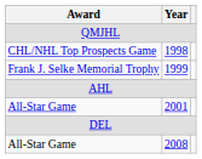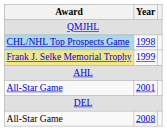 <table class="wikitable">
 <tr>
 <th>Award</th>
 <th>Year</th>
 <th></th>
 </tr>
 <tr ALIGN="center" bgcolor="#e0e0e0">
 <td colspan="3"><a href='#'>QMJHL</a></td>
 </tr>
 <tr>
-<td><a href='#'>CHL/NHL Top Prospects Game</a></td>
+<td style="background: lightblue;"><a href='#'>CHL/NHL Top Prospects Game</a></td>
 <td><a href='#'>1998</a></td>
 <td></td>
 </tr>
 <tr>
-<td><a href='#'>Frank J. Selke Memorial Trophy</a></td>
+<td style="background: khaki;"><a href='#'>Frank J. Selke Memorial Trophy</a></td>
 <td><a href='#'>1999</a></td>
 <td></td>
 </tr>
 <tr ALIGN="center" bgcolor="#e0e0e0">
 <td colspan="3"><a href='#'>AHL</a></td>
 </tr>
 <tr>
 <td><a href='#'>All-Star Game</a></td>
 <td><a href='#'>2001</a></td>
 <td></td>
 </tr>
 <tr ALIGN="center" bgcolor="#e0e0e0">
 <td colspan="3"><a href='#'>DEL</a></td>
 </tr>
 <tr>
 <td>All-Star Game</td>
 <td><a href='#'>2008</a></td>
 <td></td>
 </tr>
 </table>
